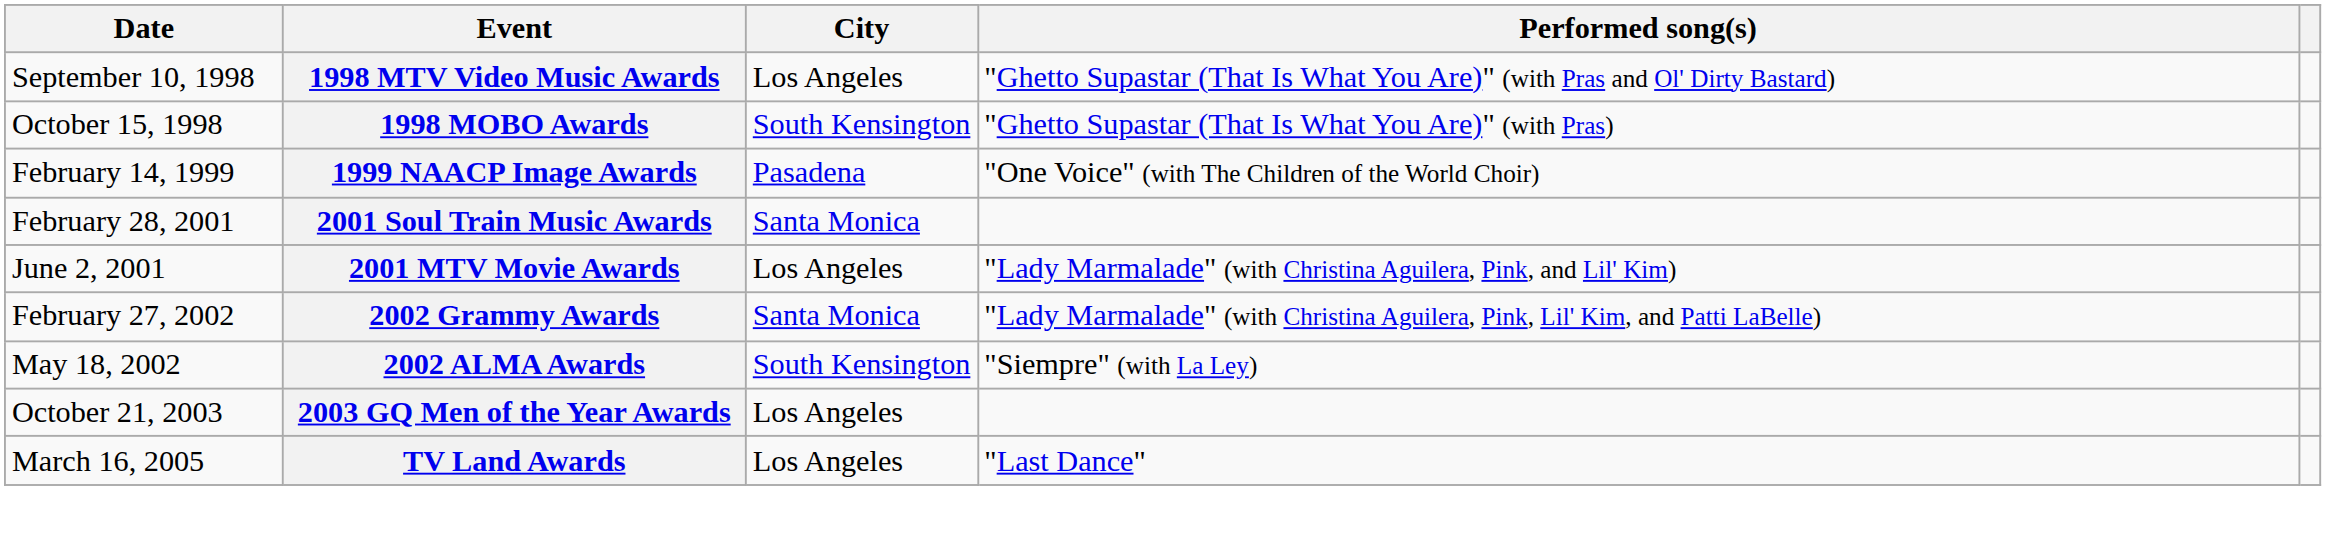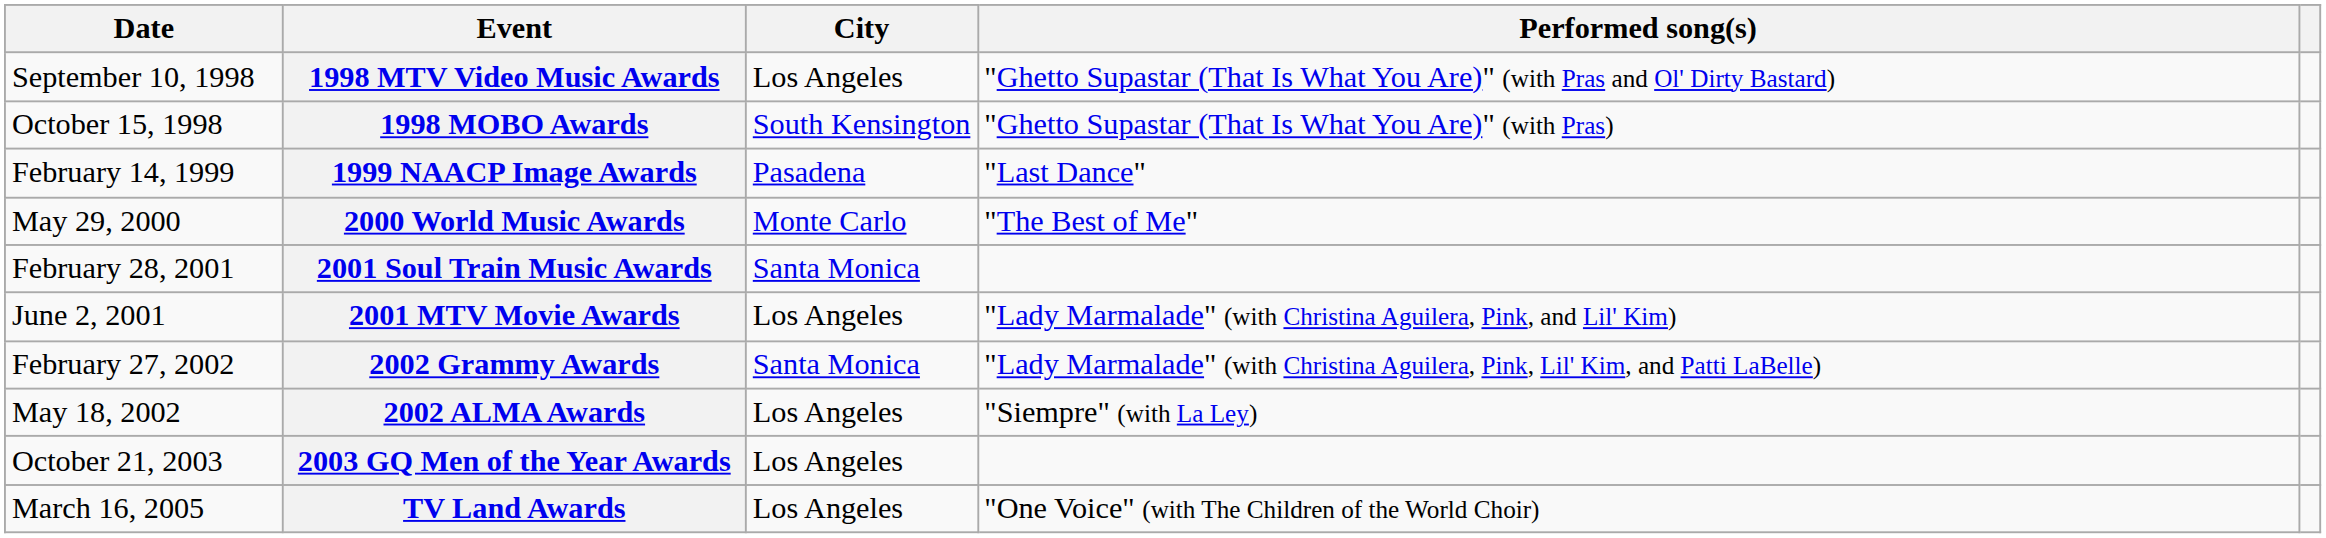 <table class="wikitable sortable plainrowheaders">
 <tr>
 <th style="width:12%;">Date</th>
 <th style="width:20%;">Event</th>
 <th style="width:10%;">City</th>
 <th>Performed song(s)</th>
 <th scope="col" class="unsortable"></th>
 </tr>
 <tr>
 <td>September 10, 1998</td>
 <th scope="row"><a href='#'>1998 MTV Video Music Awards</a></th>
 <td>Los Angeles</td>
 <td>"<a href='#'>Ghetto Supastar (That Is What You Are)</a>" <small>(with <a href='#'>Pras</a> and <a href='#'>Ol' Dirty Bastard</a>)</small></td>
 <td style="text-align:center;"></td>
 </tr>
 <tr>
 <td>October 15, 1998</td>
 <th scope="row"><a href='#'>1998 MOBO Awards</a></th>
 <td><a href='#'>South Kensington</a></td>
 <td>"<a href='#'>Ghetto Supastar (That Is What You Are)</a>" <small>(with <a href='#'>Pras</a>)</small></td>
 <td style="text-align:center;"></td>
 </tr>
 <tr>
 <td>February 14, 1999</td>
 <th scope="row"><a href='#'>1999 NAACP Image Awards</a></th>
 <td><a href='#'>Pasadena</a></td>
-<td>"One Voice" <small> (with The Children of the World Choir)</small></td>
+<td>"<a href='#'>Last Dance</a>"</td>
+<td style="text-align:center;"></td>
+</tr>
+<tr>
+<td>May 29, 2000</td>
+<th scope="row"><a href='#'>2000 World Music Awards</a></th>
+<td><a href='#'>Monte Carlo</a></td>
+<td>"<a href='#'>The Best of Me</a>"</td>
 <td style="text-align:center;"></td>
 </tr>
 <tr>
 <td>February 28, 2001</td>
 <th scope="row"><a href='#'>2001 Soul Train Music Awards</a></th>
 <td><a href='#'>Santa Monica</a></td>
 <td></td>
 <td style="text-align:center;"></td>
 </tr>
 <tr>
 <td>June 2, 2001</td>
 <th scope="row"><a href='#'>2001 MTV Movie Awards</a></th>
 <td>Los Angeles</td>
 <td>"<a href='#'>Lady Marmalade</a>" <small>(with <a href='#'>Christina Aguilera</a>, <a href='#'>Pink</a>, and <a href='#'>Lil' Kim</a>)</small></td>
 <td style="text-align:center;"></td>
 </tr>
 <tr>
 <td>February 27, 2002</td>
 <th scope="row"><a href='#'>2002 Grammy Awards</a></th>
 <td><a href='#'>Santa Monica</a></td>
 <td>"<a href='#'>Lady Marmalade</a>" <small>(with <a href='#'>Christina Aguilera</a>, <a href='#'>Pink</a>, <a href='#'>Lil' Kim</a>, and <a href='#'>Patti LaBelle</a>)</small></td>
 <td style="text-align:center;"></td>
 </tr>
 <tr>
 <td>May 18, 2002</td>
 <th scope="row"><a href='#'>2002 ALMA Awards</a></th>
-<td><a href='#'>South Kensington</a></td>
+<td>Los Angeles</td>
 <td>"Siempre" <small>(with <a href='#'>La Ley</a>)</small></td>
 <td style="text-align:center;"></td>
 </tr>
 <tr>
 <td>October 21, 2003</td>
 <th scope="row"><a href='#'>2003 GQ Men of the Year Awards</a></th>
 <td>Los Angeles</td>
 <td></td>
 <td style="text-align:center;"></td>
 </tr>
 <tr>
 <td>March 16, 2005</td>
 <th scope="row"><a href='#'>TV Land Awards</a></th>
 <td>Los Angeles</td>
-<td>"<a href='#'>Last Dance</a>"</td>
+<td>"One Voice" <small> (with The Children of the World Choir)</small></td>
 <td style="text-align:center;"></td>
 </tr>
 </table>
